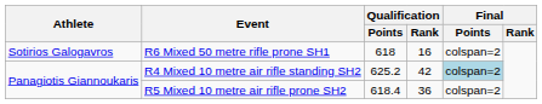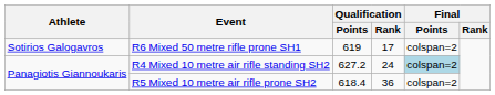 <table class="wikitable" style="font-size:90%">
 <tr>
 <th rowspan="2">Athlete</th>
 <th rowspan="2">Event</th>
 <th colspan="2">Qualification</th>
 <th colspan="2">Final</th>
 </tr>
 <tr style="font-size:95%">
 <th>Points</th>
 <th>Rank</th>
 <th>Points</th>
 <th>Rank</th>
 </tr>
 <tr align=center>
 <td align=left><a href='#'>Sotirios Galogavros</a></td>
 <td align=left><a href='#'>R6 Mixed 50 metre rifle prone SH1</a></td>
-<td>618</td>
-<td>16</td>
+<td>619</td>
+<td>17</td>
 <td>colspan=2 </td>
 </tr>
 <tr align=center>
 <td align=left rowspan=2><a href='#'>Panagiotis Giannoukaris</a></td>
 <td align=left><a href='#'>R4 Mixed 10 metre air rifle standing SH2</a></td>
-<td>625.2</td>
-<td>42</td>
+<td>627.2</td>
+<td>24</td>
 <td style="background: lightblue;">colspan=2 </td>
 </tr>
 <tr align=center>
 <td align=left><a href='#'>R5 Mixed 10 metre air rifle prone SH2</a></td>
 <td>618.4</td>
 <td>36</td>
 <td>colspan=2 </td>
 </tr>
 </table>
